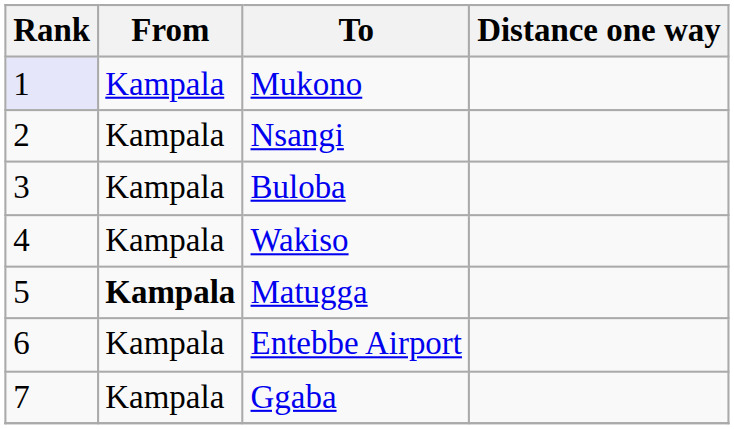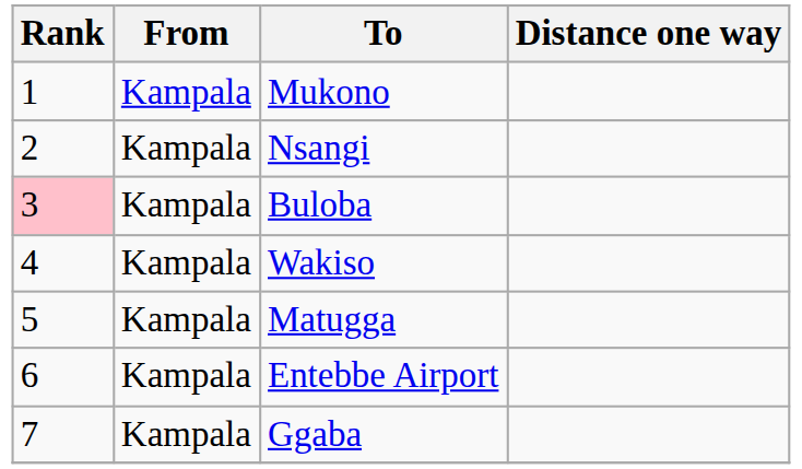 <table class="wikitable sortable" style="margin: 0.5em auto">
 <tr>
 <th>Rank</th>
 <th>From</th>
 <th>To</th>
 <th>Distance one way</th>
 </tr>
 <tr>
-<td style="background: lavender;">1</td>
+<td>1</td>
 <td><a href='#'>Kampala</a></td>
 <td><a href='#'>Mukono</a></td>
 <td></td>
 </tr>
 <tr>
 <td>2</td>
 <td>Kampala</td>
 <td><a href='#'>Nsangi</a></td>
 <td></td>
 </tr>
 <tr>
-<td>3</td>
+<td style="background: pink;">3</td>
 <td>Kampala</td>
 <td><a href='#'>Buloba</a></td>
 <td></td>
 </tr>
 <tr>
 <td>4</td>
 <td>Kampala</td>
 <td><a href='#'>Wakiso</a></td>
 <td></td>
 </tr>
 <tr>
 <td>5</td>
-<td><strong>Kampala</strong></td>
+<td>Kampala</td>
 <td><a href='#'>Matugga</a></td>
 <td></td>
 </tr>
 <tr>
 <td>6</td>
 <td>Kampala</td>
 <td><a href='#'>Entebbe Airport</a></td>
 <td></td>
 </tr>
 <tr>
 <td>7</td>
 <td>Kampala</td>
 <td><a href='#'>Ggaba</a></td>
 <td></td>
 </tr>
 <tr>
 </tr>
 </table>
